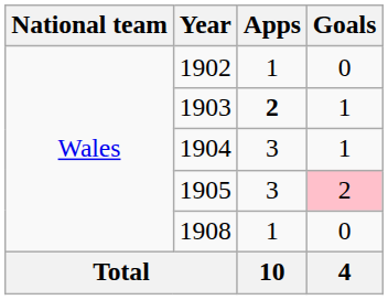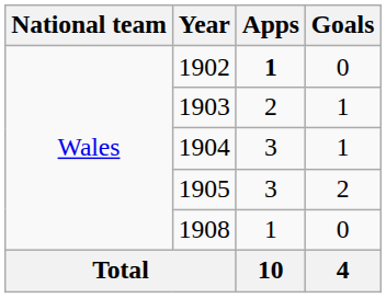 <table class=wikitable style="text-align: center">
 <tr>
 <th>National team</th>
 <th>Year</th>
 <th>Apps</th>
 <th>Goals</th>
 </tr>
 <tr>
 <td rowspan=5><a href='#'>Wales</a></td>
 <td>1902</td>
-<td>1</td>
+<td><strong>1</strong></td>
 <td>0</td>
 </tr>
 <tr>
 <td>1903</td>
-<td><strong>2</strong></td>
+<td>2</td>
 <td>1</td>
 </tr>
 <tr>
 <td>1904</td>
 <td>3</td>
 <td>1</td>
 </tr>
 <tr>
 <td>1905</td>
 <td>3</td>
-<td style="background: pink;">2</td>
+<td>2</td>
 </tr>
 <tr>
 <td>1908</td>
 <td>1</td>
 <td>0</td>
 </tr>
 <tr>
 <th colspan=2>Total</th>
 <th>10</th>
 <th>4</th>
 </tr>
 </table>
